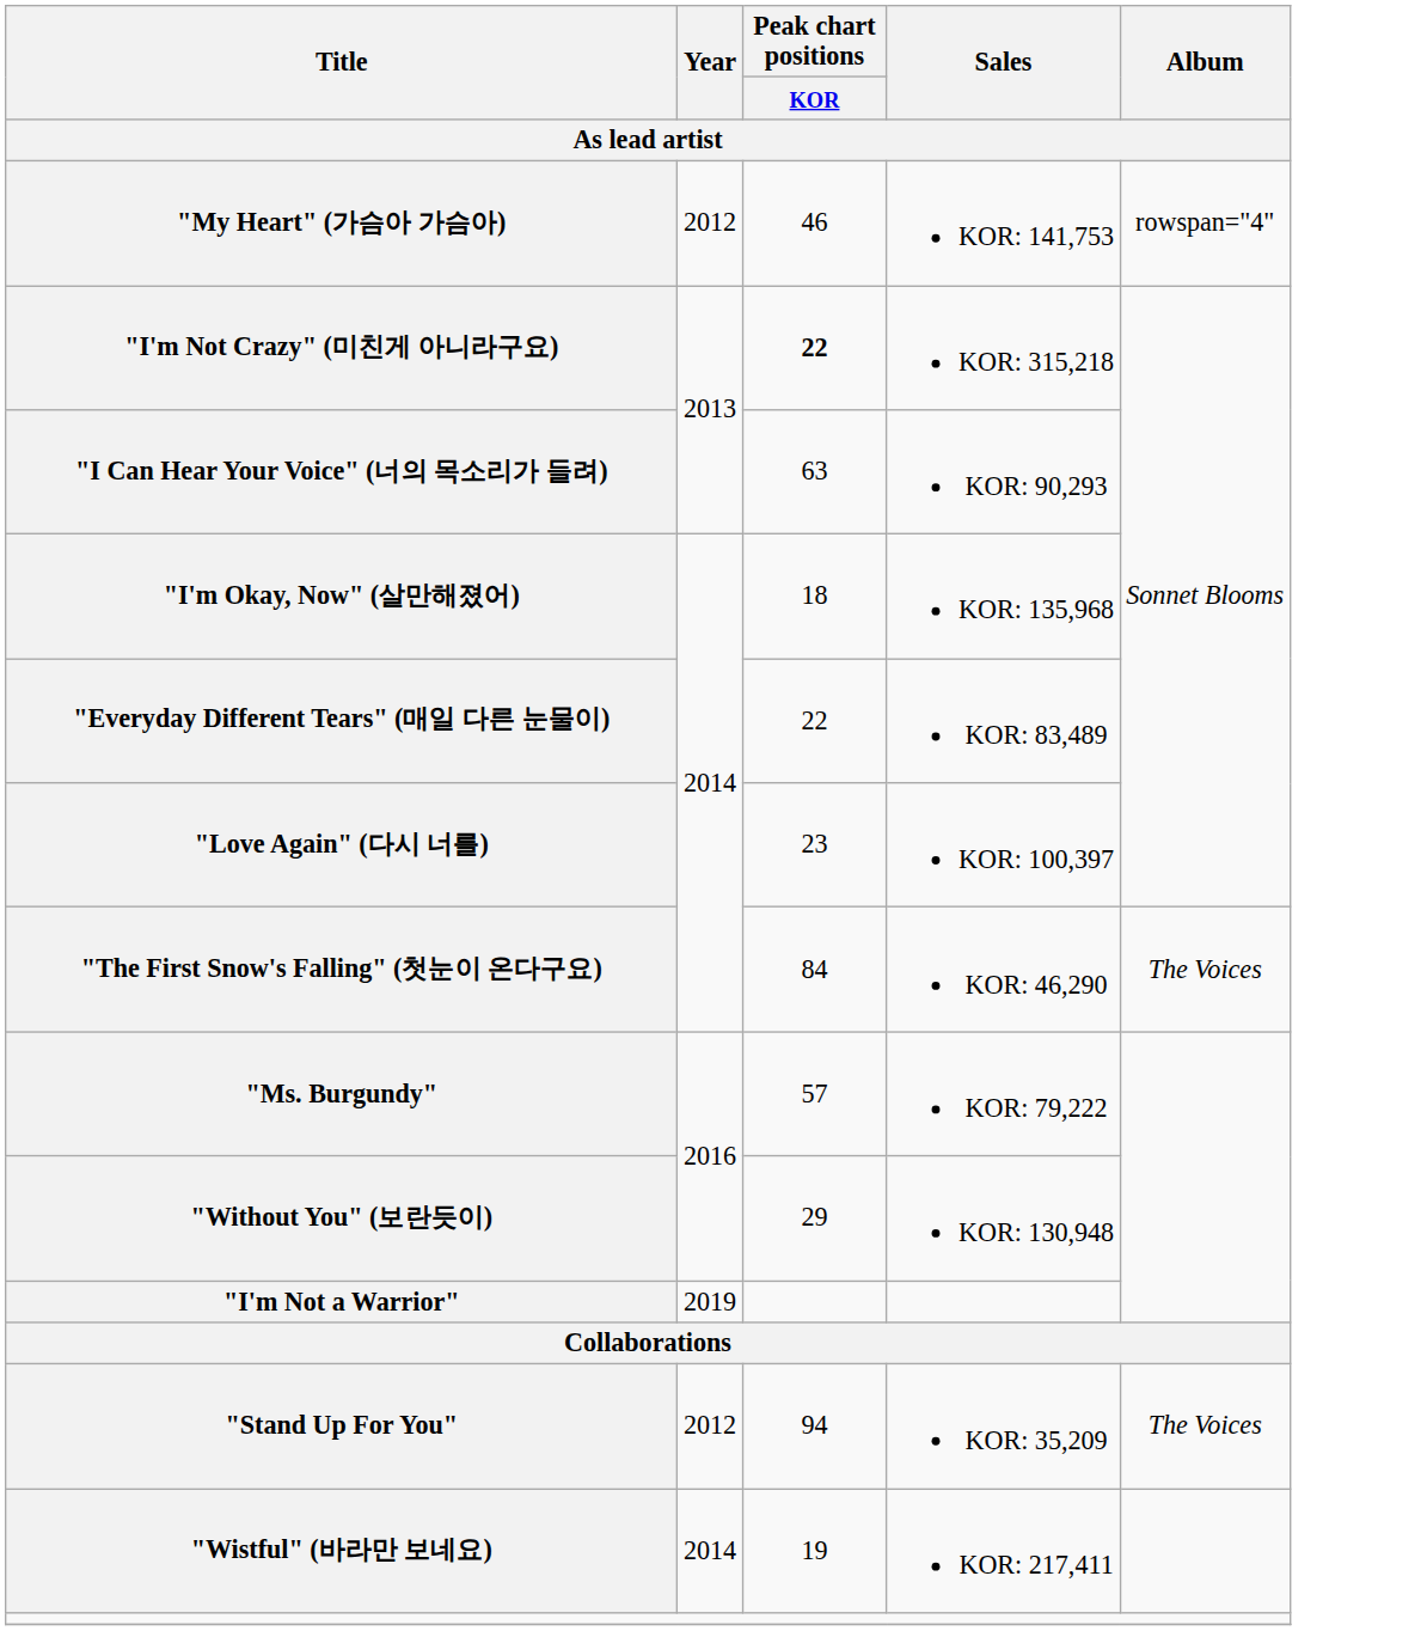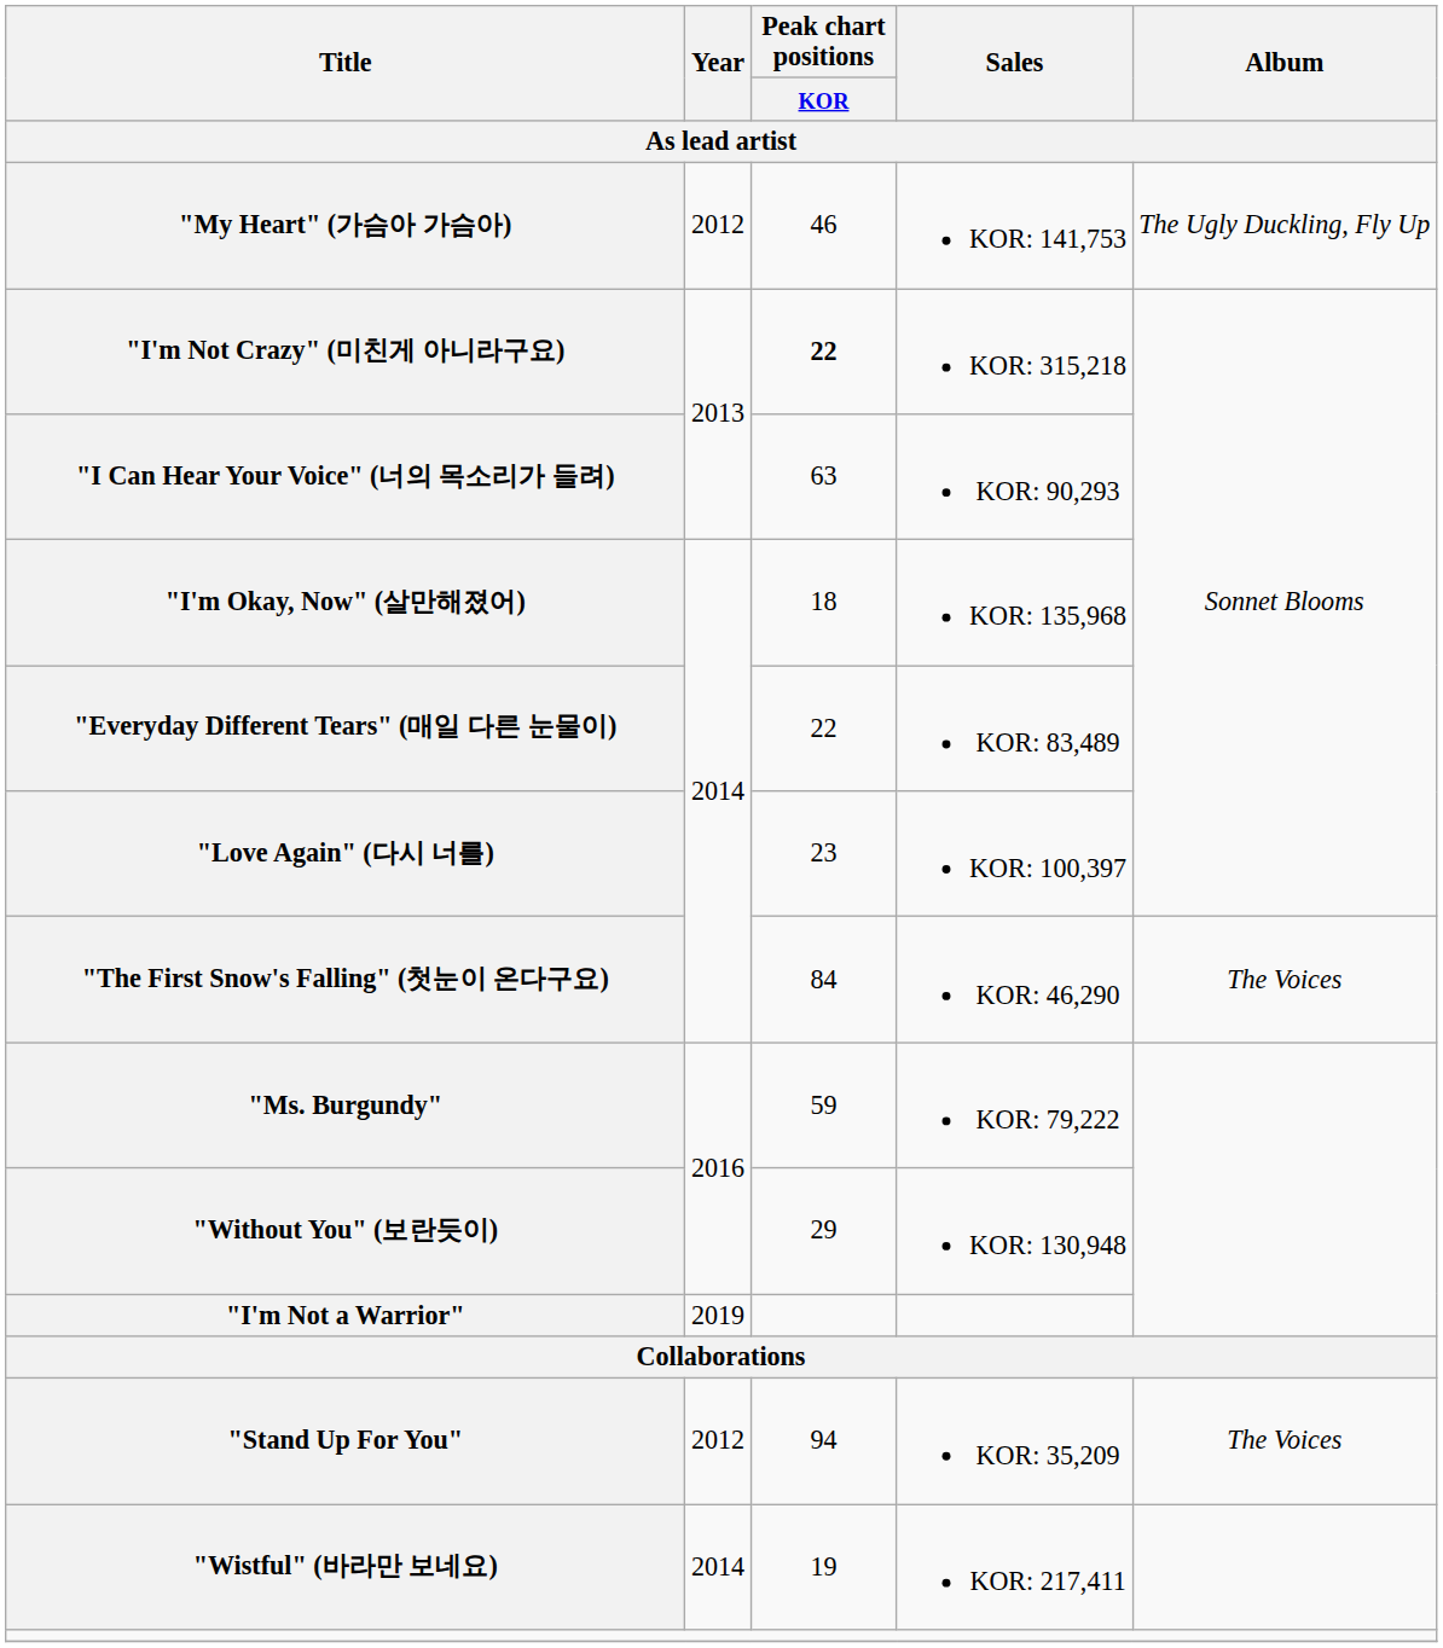 <table class="wikitable plainrowheaders" style="text-align:center;">
 <tr>
 <th scope="col" rowspan="2" style="width:25em;">Title</th>
 <th scope="col" rowspan="2">Year</th>
 <th scope="col" colspan="1" style="width:5em;">Peak chart positions</th>
 <th scope="col" rowspan="2">Sales</th>
 <th scope="col" rowspan="2">Album</th>
 </tr>
 <tr>
 <th><small><a href='#'>KOR</a></small><br></th>
 </tr>
 <tr>
 <th colspan="5" scope="col">As lead artist</th>
 </tr>
 <tr>
 <th scope="row">"My Heart" (가슴아 가슴아)</th>
 <td>2012</td>
 <td>46</td>
 <td><br><ul><li>KOR: 141,753</li></ul></td>
-<td>rowspan="4" </td>
+<td><em>The Ugly Duckling, Fly Up</em></td>
 </tr>
 <tr>
 <th scope="row">"I'm Not Crazy" (미친게 아니라구요)<br></th>
 <td rowspan="2">2013</td>
 <td><strong>22</strong></td>
 <td><br><ul><li>KOR: 315,218</li></ul></td>
 <td rowspan="5"><em>Sonnet Blooms</em></td>
 </tr>
 <tr>
 <th scope="row">"I Can Hear Your Voice" (너의 목소리가 들려)</th>
 <td>63</td>
 <td><br><ul><li>KOR: 90,293</li></ul></td>
 </tr>
 <tr>
 <th scope="row">"I'm Okay, Now" (살만해졌어)</th>
 <td rowspan="4">2014</td>
 <td>18</td>
 <td><br><ul><li>KOR: 135,968</li></ul></td>
 </tr>
 <tr>
 <th scope="row">"Everyday Different Tears" (매일 다른 눈물이)</th>
 <td>22</td>
 <td><br><ul><li>KOR: 83,489</li></ul></td>
 </tr>
 <tr>
 <th scope="row">"Love Again" (다시 너를)</th>
 <td>23</td>
 <td><br><ul><li>KOR: 100,397</li></ul></td>
 </tr>
 <tr>
 <th scope="row">"The First Snow's Falling" (첫눈이 온다구요)</th>
 <td>84</td>
 <td><br><ul><li>KOR: 46,290</li></ul></td>
 <td><em>The Voices</em></td>
 </tr>
 <tr>
 <th scope="row">"Ms. Burgundy"</th>
 <td rowspan="2">2016</td>
-<td>57</td>
+<td>59</td>
 <td><br><ul><li>KOR: 79,222</li></ul></td>
 </tr>
 <tr>
 <th scope="row">"Without You" (보란듯이)<br></th>
 <td>29</td>
 <td><br><ul><li>KOR: 130,948</li></ul></td>
 </tr>
 <tr>
 <th scope="row">"I'm Not a Warrior"</th>
 <td>2019</td>
 <td></td>
 <td></td>
 </tr>
 <tr>
 <th colspan="5" scope="col">Collaborations</th>
 </tr>
 <tr>
 <th scope="row">"Stand Up For You"<br></th>
 <td>2012</td>
 <td>94</td>
 <td><br><ul><li>KOR: 35,209</li></ul></td>
 <td><em>The Voices</em></td>
 </tr>
 <tr>
 <th scope="row">"Wistful" (바라만 보네요)<br></th>
 <td>2014</td>
 <td>19</td>
 <td><br><ul><li>KOR: 217,411</li></ul></td>
 <td></td>
 </tr>
 <tr>
 <td colspan="5"></td>
 </tr>
 <tr>
 </tr>
 </table>
